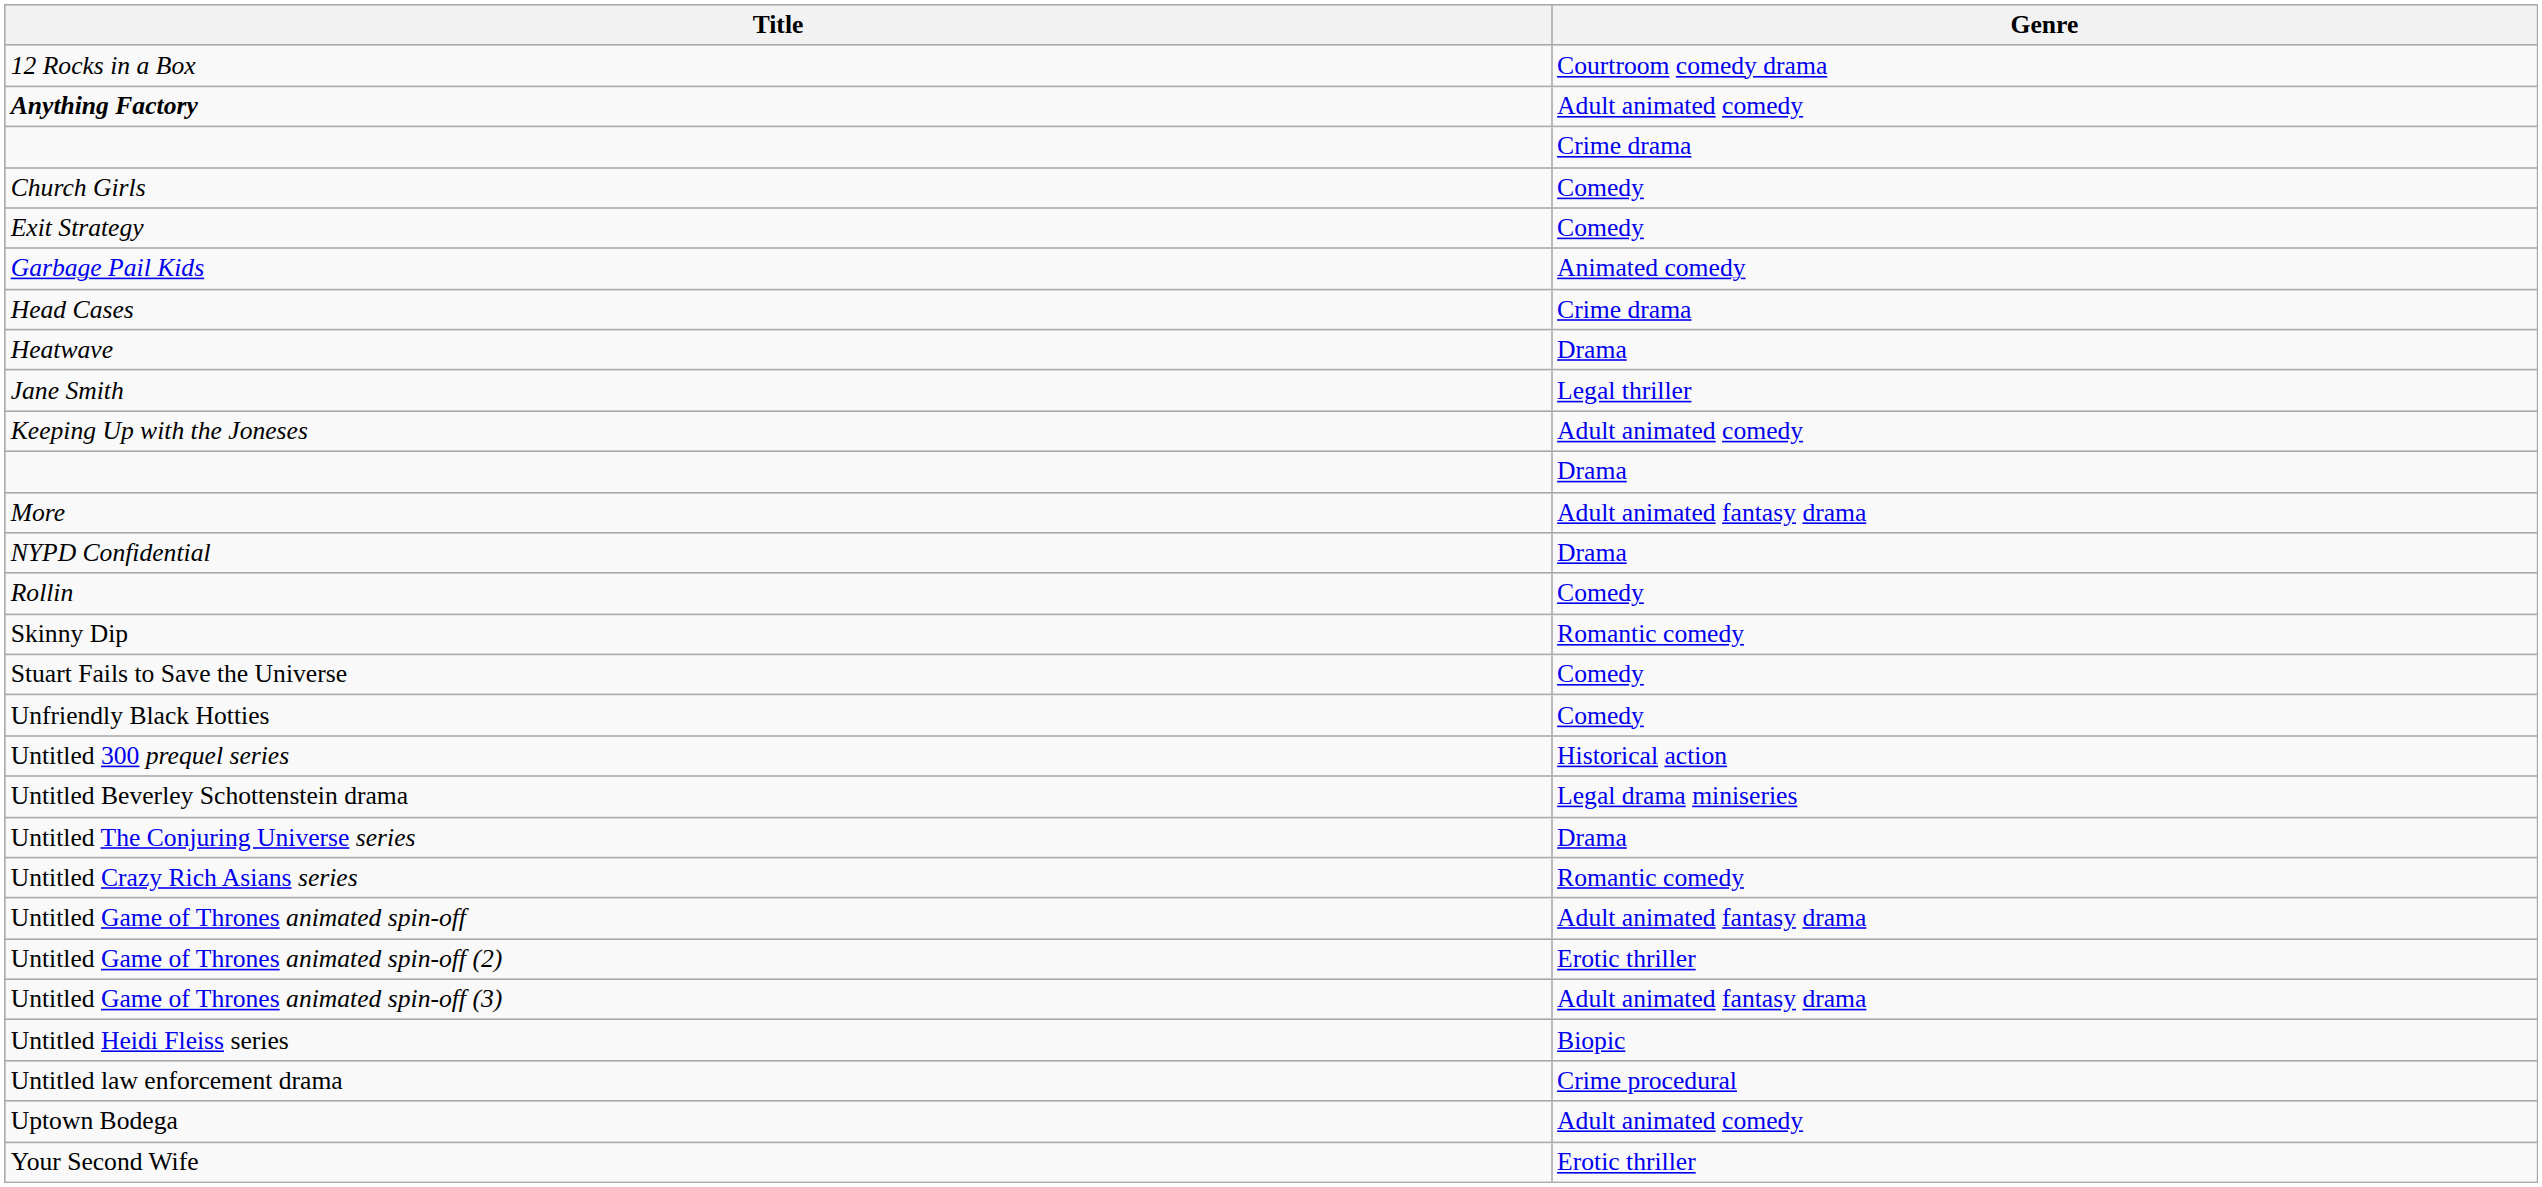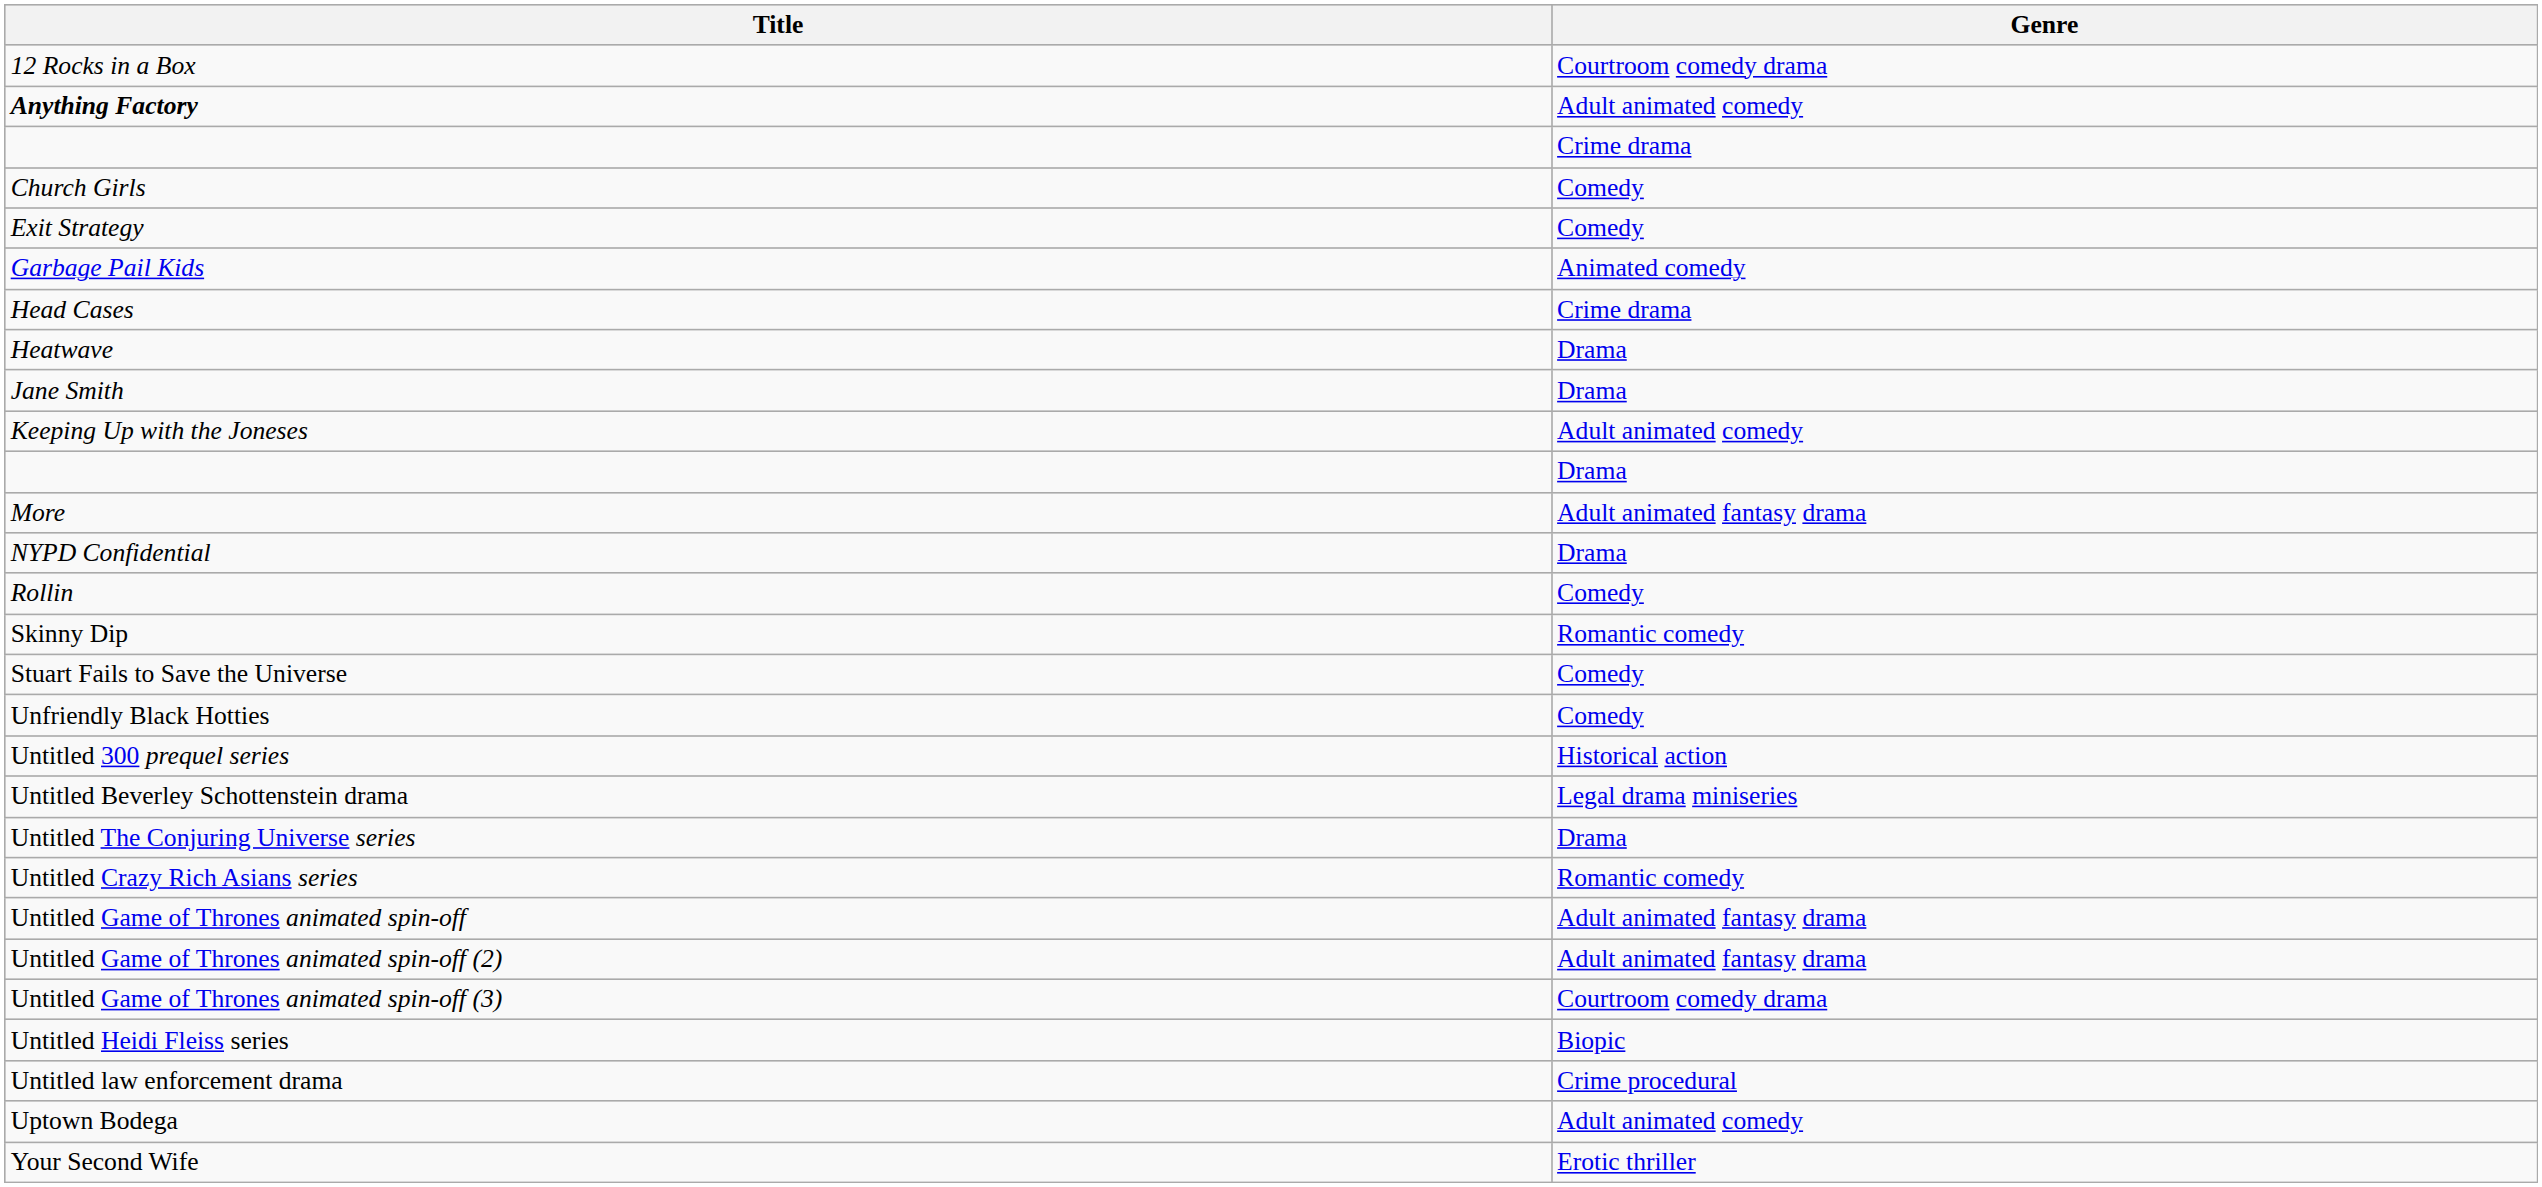 <table class="wikitable sortable" style="width:100%;">
 <tr>
 <th>Title</th>
 <th>Genre</th>
 </tr>
 <tr>
 <td><em>12 Rocks in a Box</em></td>
 <td><a href='#'>Courtroom</a> <a href='#'>comedy drama</a></td>
 </tr>
 <tr>
 <td><strong><em>Anything Factory</em></strong></td>
 <td><a href='#'>Adult animated</a> <a href='#'>comedy</a></td>
 </tr>
 <tr>
 <td><em></em></td>
 <td><a href='#'>Crime drama</a></td>
 </tr>
 <tr>
 <td><em>Church Girls</em></td>
 <td><a href='#'>Comedy</a></td>
 </tr>
 <tr>
 <td><em>Exit Strategy</em></td>
 <td><a href='#'>Comedy</a></td>
 </tr>
 <tr>
 <td><em><a href='#'>Garbage Pail Kids</a></em></td>
 <td><a href='#'>Animated comedy</a></td>
 </tr>
 <tr>
 <td><em>Head Cases</em></td>
 <td><a href='#'>Crime drama</a></td>
 </tr>
 <tr>
 <td><em>Heatwave</em></td>
 <td><a href='#'>Drama</a></td>
 </tr>
 <tr>
 <td><em>Jane Smith</em></td>
-<td><a href='#'>Legal thriller</a></td>
+<td><a href='#'>Drama</a></td>
 </tr>
 <tr>
 <td><em>Keeping Up with the Joneses</em></td>
 <td><a href='#'>Adult animated</a> <a href='#'>comedy</a></td>
 </tr>
 <tr>
 <td><em></em></td>
 <td><a href='#'>Drama</a></td>
 </tr>
 <tr>
 <td><em>More</em></td>
 <td><a href='#'>Adult animated</a> <a href='#'>fantasy</a> <a href='#'>drama</a></td>
 </tr>
 <tr>
 <td><em>NYPD Confidential</em></td>
 <td><a href='#'>Drama</a></td>
 </tr>
 <tr>
 <td><em>Rollin<strong></td>
 <td><a href='#'>Comedy</a></td>
 </tr>
 <tr>
 <td></em>Skinny Dip<em></td>
 <td><a href='#'>Romantic comedy</a></td>
 </tr>
 <tr>
 <td></em>Stuart Fails to Save the Universe<em></td>
 <td><a href='#'>Comedy</a></td>
 </tr>
 <tr>
 <td></em>Unfriendly Black Hotties<em></td>
 <td><a href='#'>Comedy</a></td>
 </tr>
 <tr>
 <td>Untitled </em><a href='#'>300</a><em> prequel series</td>
 <td><a href='#'>Historical</a> <a href='#'>action</a></td>
 </tr>
 <tr>
 <td>Untitled Beverley Schottenstein drama</td>
 <td><a href='#'>Legal drama</a> <a href='#'>miniseries</a></td>
 </tr>
 <tr>
 <td>Untitled </em><a href='#'>The Conjuring Universe</a><em> series</td>
 <td><a href='#'>Drama</a></td>
 </tr>
 <tr>
 <td>Untitled </em><a href='#'>Crazy Rich Asians</a><em> series</td>
 <td><a href='#'>Romantic comedy</a></td>
 </tr>
 <tr>
 <td>Untitled </em><a href='#'>Game of Thrones</a><em> animated spin-off</td>
 <td><a href='#'>Adult animated</a> <a href='#'>fantasy</a> <a href='#'>drama</a></td>
 </tr>
 <tr>
 <td>Untitled </em><a href='#'>Game of Thrones</a><em> animated spin-off (2)</td>
-<td><a href='#'>Erotic thriller</a></td>
+<td><a href='#'>Adult animated</a> <a href='#'>fantasy</a> <a href='#'>drama</a></td>
 </tr>
 <tr>
 <td>Untitled </em><a href='#'>Game of Thrones</a><em> animated spin-off (3)</td>
-<td><a href='#'>Adult animated</a> <a href='#'>fantasy</a> <a href='#'>drama</a></td>
+<td><a href='#'>Courtroom</a> <a href='#'>comedy drama</a></td>
 </tr>
 <tr>
 <td>Untitled <a href='#'>Heidi Fleiss</a> series</td>
 <td><a href='#'>Biopic</a></td>
 </tr>
 <tr>
 <td>Untitled law enforcement drama</td>
 <td><a href='#'>Crime procedural</a></td>
 </tr>
 <tr>
 <td></em>Uptown Bodega<em></td>
 <td><a href='#'>Adult animated</a> <a href='#'>comedy</a></td>
 </tr>
 <tr>
 <td></em>Your Second Wife<em></td>
 <td><a href='#'>Erotic thriller</a></td>
 </tr>
 </table>
